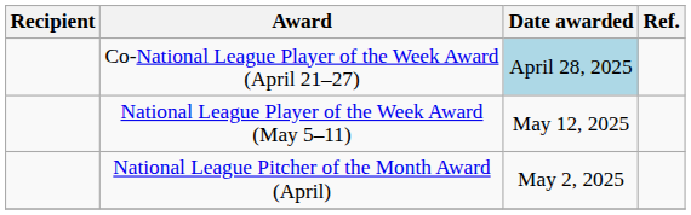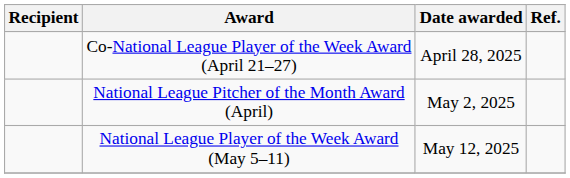 <table class="wikitable sortable collapsible" style="text-align:center">
 <tr>
 <th>Recipient</th>
 <th>Award</th>
 <th>Date awarded</th>
 <th>Ref.</th>
 </tr>
 <tr>
 <td></td>
 <td>Co-<a href='#'>National League Player of the Week Award</a>  <br> (April 21–27)<br></td>
-<td style="background: lightblue;">April 28, 2025</td>
+<td>April 28, 2025</td>
+<td></td>
+</tr>
+<tr>
+<td></td>
+<td><a href='#'>National League Pitcher of the Month Award</a>    <br> (April)</td>
+<td>May 2, 2025</td>
 <td></td>
 </tr>
 <tr>
 <td></td>
 <td><a href='#'>National League Player of the Week Award</a>  <br> (May 5–11)</td>
 <td>May 12, 2025</td>
 <td></td>
 </tr>
 <tr>
-<td></td>
-<td><a href='#'>National League Pitcher of the Month Award</a>    <br> (April)</td>
-<td>May 2, 2025</td>
-<td></td>
-</tr>
-<tr>
 </tr>
 </table>
